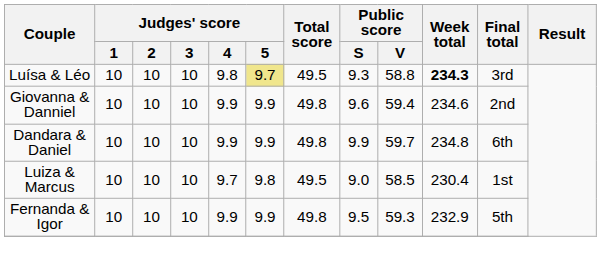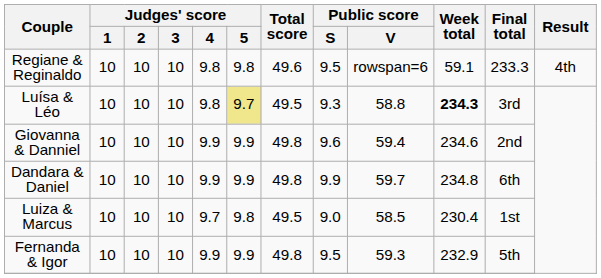 <table class="wikitable" style="font-size:100%; line-height:16px; text-align:center" width="100%">
 <tr>
 <th rowspan=2 width="11.0%">Couple</th>
 <th colspan=5 width="25.0%">Judges' score</th>
 <th rowspan=2 width="05.0%">Total score</th>
 <th colspan=2 width="10.0%">Public score</th>
 <th rowspan=2 width="05.0%">Week<br>total</th>
 <th rowspan=2 width="05.0%">Final<br>total</th>
 <th rowspan=2 width="09.0%">Result</th>
 </tr>
 <tr>
 <th width="05.0%">1</th>
 <th width="05.0%">2</th>
 <th width="05.0%">3</th>
 <th width="05.0%">4</th>
 <th width="05.0%">5</th>
 <th width="05.0%">S</th>
 <th width="05.0%">V</th>
+</tr>
+<tr>
+<td>Regiane & Reginaldo</td>
+<td>10</td>
+<td>10</td>
+<td>10</td>
+<td>9.8</td>
+<td>9.8</td>
+<td>49.6</td>
+<td>9.5</td>
+<td>rowspan=6 </td>
+<td>59.1</td>
+<td>233.3</td>
+<td>4th</td>
 </tr>
 <tr>
 <td>Luísa & Léo</td>
 <td>10</td>
 <td>10</td>
 <td>10</td>
 <td>9.8</td>
 <td style="background: khaki;">9.7</td>
 <td>49.5</td>
 <td>9.3</td>
 <td>58.8</td>
 <td><strong>234.3</strong></td>
 <td>3rd</td>
 </tr>
 <tr>
 <td>Giovanna & Danniel</td>
 <td>10</td>
 <td>10</td>
 <td>10</td>
 <td>9.9</td>
 <td>9.9</td>
 <td>49.8</td>
 <td>9.6</td>
 <td>59.4</td>
 <td>234.6</td>
 <td>2nd</td>
 </tr>
 <tr>
 <td>Dandara & Daniel</td>
 <td>10</td>
 <td>10</td>
 <td>10</td>
 <td>9.9</td>
 <td>9.9</td>
 <td>49.8</td>
 <td>9.9</td>
 <td>59.7</td>
 <td>234.8</td>
 <td>6th</td>
 </tr>
 <tr>
 <td>Luiza & Marcus</td>
 <td>10</td>
 <td>10</td>
 <td>10</td>
 <td>9.7</td>
 <td>9.8</td>
 <td>49.5</td>
 <td>9.0</td>
 <td>58.5</td>
 <td>230.4</td>
 <td>1st</td>
 </tr>
 <tr>
 <td>Fernanda & Igor</td>
 <td>10</td>
 <td>10</td>
 <td>10</td>
 <td>9.9</td>
 <td>9.9</td>
 <td>49.8</td>
 <td>9.5</td>
 <td>59.3</td>
 <td>232.9</td>
 <td>5th</td>
 </tr>
 <tr>
 </tr>
 </table>
